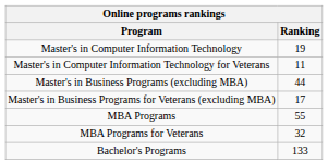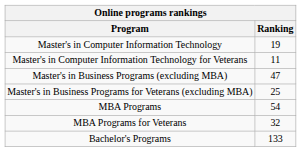 <table class="wikitable sortable collapsible collapsed" style="float:right; text-align:center">
 <tr>
 <th colspan=4>Online programs rankings</th>
 </tr>
 <tr>
 <th>Program</th>
 <th>Ranking</th>
 </tr>
 <tr>
 <td>Master's in Computer Information Technology</td>
 <td>19</td>
 </tr>
 <tr>
 <td>Master's in Computer Information Technology for Veterans</td>
 <td>11</td>
 </tr>
 <tr>
 <td>Master's in Business Programs (excluding MBA)</td>
-<td>44</td>
+<td>47</td>
 </tr>
 <tr>
 <td>Master's in Business Programs for Veterans (excluding MBA)</td>
-<td>17</td>
+<td>25</td>
 </tr>
 <tr>
 <td>MBA Programs</td>
-<td>55</td>
+<td>54</td>
 </tr>
 <tr>
 <td>MBA Programs for Veterans</td>
 <td>32</td>
 </tr>
 <tr>
 <td>Bachelor's Programs</td>
 <td>133</td>
 </tr>
 </table>
